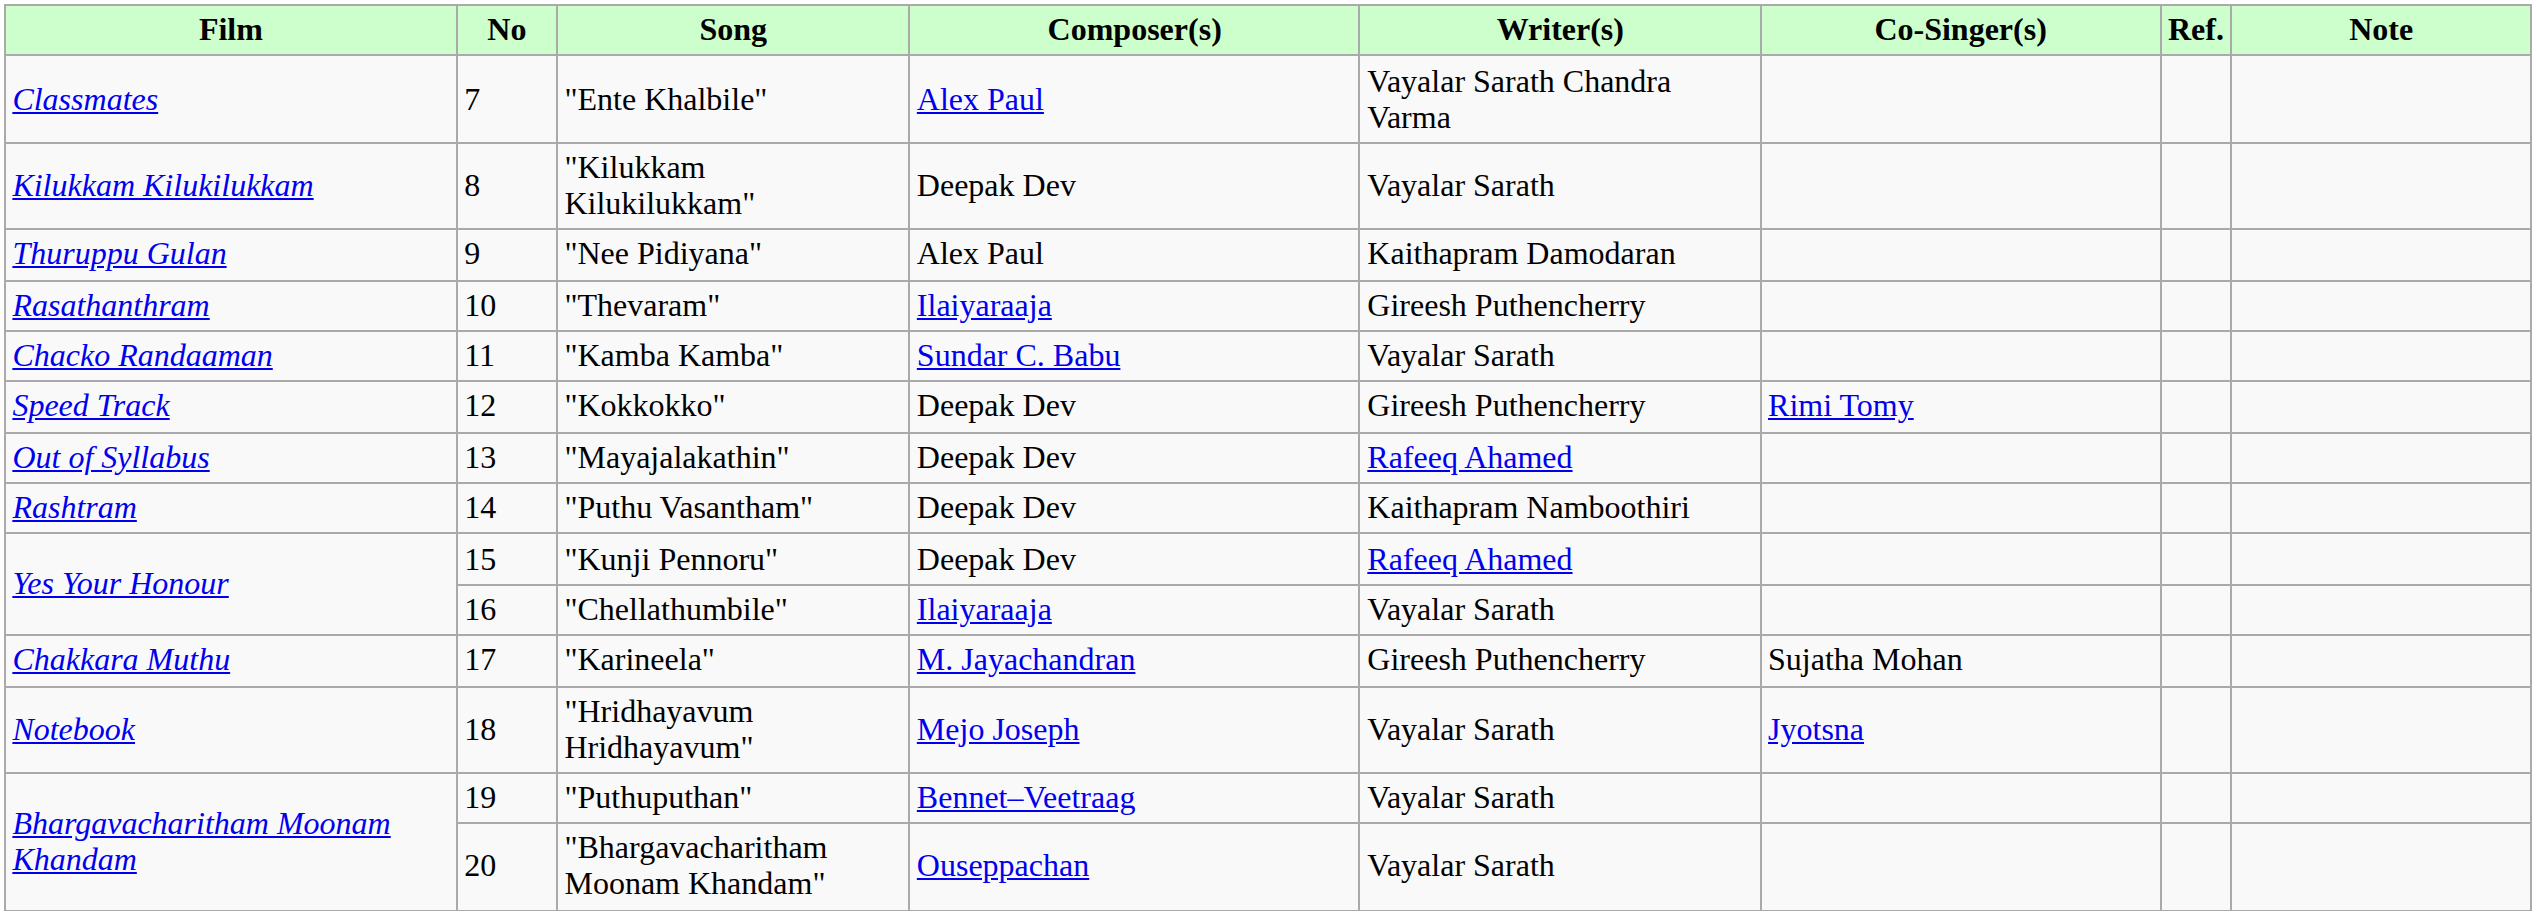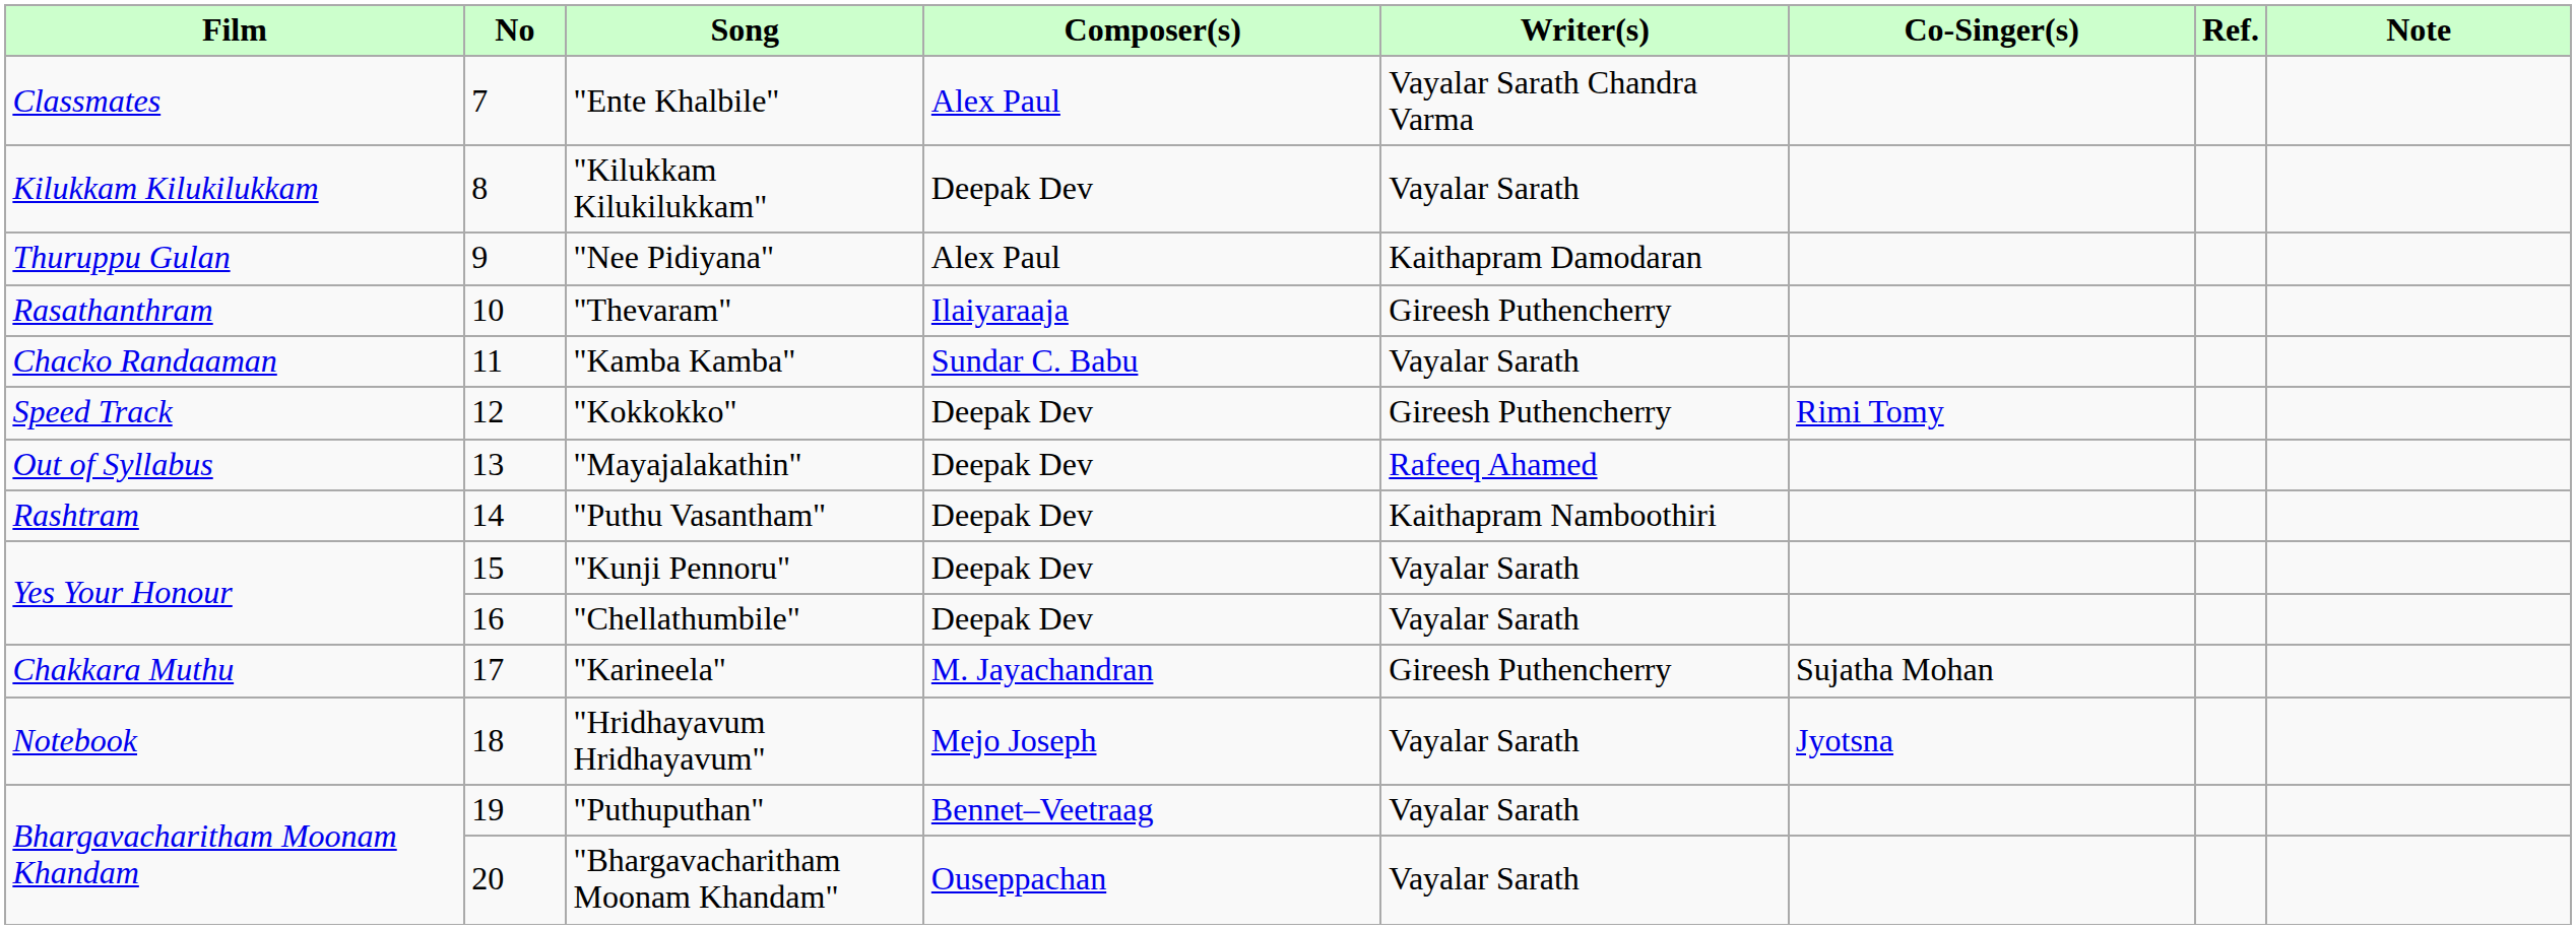 <table class="wikitable plainrowheaders" style="width:100%;" textcolor:#000;" style="align:center;">
 <tr style="background:#cfc; text-align:center;">
 <td scope="col" style="width:18%;"><strong>Film</strong></td>
 <td scope="col" style="width:4%;"><strong>No</strong></td>
 <td scope="col" style="width:14%;"><strong>Song</strong></td>
 <td scope="col" style="width:18%;"><strong>Composer(s)</strong></td>
 <td scope="col" style="width:16%;"><strong>Writer(s)</strong></td>
 <td scope="col" style="width:16%;"><strong>Co-Singer(s)</strong></td>
 <td scope="col" style="width:2%;"><strong>Ref.</strong></td>
 <td scope="col" style="width:12%;"><strong>Note</strong></td>
 </tr>
 <tr>
 <td><a href='#'><em>Classmates</em></a></td>
 <td>7</td>
 <td>"Ente Khalbile"</td>
 <td><a href='#'>Alex Paul</a></td>
 <td>Vayalar Sarath Chandra Varma</td>
 <td></td>
 <td></td>
 <td></td>
 </tr>
 <tr>
 <td><em><a href='#'>Kilukkam Kilukilukkam</a></em></td>
 <td>8</td>
 <td>"Kilukkam Kilukilukkam"</td>
 <td>Deepak Dev</td>
 <td>Vayalar Sarath</td>
 <td></td>
 <td></td>
 <td></td>
 </tr>
 <tr>
 <td><a href='#'><em>Thuruppu Gulan</em></a></td>
 <td>9</td>
 <td>"Nee Pidiyana"</td>
 <td>Alex Paul</td>
 <td>Kaithapram Damodaran</td>
 <td></td>
 <td></td>
 <td></td>
 </tr>
 <tr>
 <td><em><a href='#'>Rasathanthram</a></em></td>
 <td>10</td>
 <td>"Thevaram"</td>
 <td><a href='#'>Ilaiyaraaja</a></td>
 <td>Gireesh Puthencherry</td>
 <td></td>
 <td></td>
 <td></td>
 </tr>
 <tr>
 <td><em><a href='#'>Chacko Randaaman</a></em></td>
 <td>11</td>
 <td>"Kamba Kamba"</td>
 <td><a href='#'>Sundar C. Babu</a></td>
 <td>Vayalar Sarath</td>
 <td></td>
 <td></td>
 <td></td>
 </tr>
 <tr>
 <td><em><a href='#'>Speed Track</a></em></td>
 <td>12</td>
 <td>"Kokkokko"</td>
 <td>Deepak Dev</td>
 <td>Gireesh Puthencherry</td>
 <td><a href='#'>Rimi Tomy</a></td>
 <td></td>
 <td></td>
 </tr>
 <tr>
 <td><em><a href='#'>Out of Syllabus</a></em></td>
 <td>13</td>
 <td>"Mayajalakathin"</td>
 <td>Deepak Dev</td>
 <td><a href='#'>Rafeeq Ahamed</a></td>
 <td></td>
 <td></td>
 <td></td>
 </tr>
 <tr>
 <td><em><a href='#'>Rashtram</a></em></td>
 <td>14</td>
 <td>"Puthu Vasantham"</td>
 <td>Deepak Dev</td>
 <td>Kaithapram Namboothiri</td>
 <td></td>
 <td></td>
 <td></td>
 </tr>
 <tr>
 <td rowspan="2"><em><a href='#'>Yes Your Honour</a></em></td>
 <td>15</td>
 <td>"Kunji Pennoru"</td>
 <td>Deepak Dev</td>
-<td><a href='#'>Rafeeq Ahamed</a></td>
+<td>Vayalar Sarath</td>
 <td></td>
 <td></td>
 <td></td>
 </tr>
 <tr>
 <td>16</td>
 <td>"Chellathumbile"</td>
-<td><a href='#'>Ilaiyaraaja</a></td>
+<td>Deepak Dev</td>
 <td>Vayalar Sarath</td>
 <td></td>
 <td></td>
 <td></td>
 </tr>
 <tr>
 <td><em><a href='#'>Chakkara Muthu</a></em></td>
 <td>17</td>
 <td>"Karineela"</td>
 <td><a href='#'>M. Jayachandran</a></td>
 <td>Gireesh Puthencherry</td>
 <td>Sujatha Mohan</td>
 <td></td>
 <td></td>
 </tr>
 <tr>
 <td><a href='#'><em>Notebook</em></a></td>
 <td>18</td>
 <td>"Hridhayavum Hridhayavum"</td>
 <td><a href='#'>Mejo Joseph</a></td>
 <td>Vayalar Sarath</td>
 <td><a href='#'>Jyotsna</a></td>
 <td></td>
 <td></td>
 </tr>
 <tr>
 <td rowspan="2"><em><a href='#'>Bhargavacharitham Moonam Khandam</a></em></td>
 <td>19</td>
 <td>"Puthuputhan"</td>
 <td><a href='#'>Bennet–Veetraag</a></td>
 <td>Vayalar Sarath</td>
 <td></td>
 <td></td>
 <td></td>
 </tr>
 <tr>
 <td>20</td>
 <td>"Bhargavacharitham Moonam Khandam"</td>
 <td><a href='#'>Ouseppachan</a></td>
 <td>Vayalar Sarath</td>
 <td></td>
 <td></td>
 <td></td>
 </tr>
 </table>
